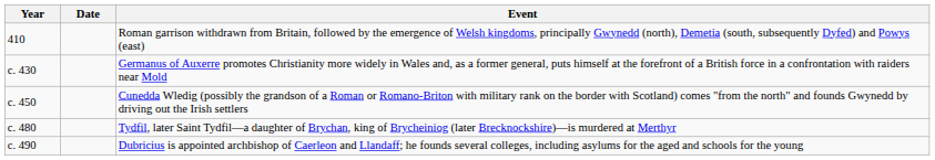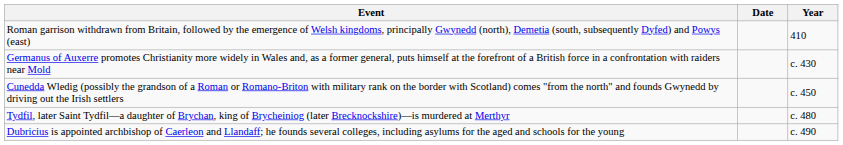 <table class="wikitable" width="100%">
 <tr>
+<th>Event</th>
+<th style="width:6%">Date</th>
 <th style="width:6%">Year</th>
-<th style="width:6%">Date</th>
-<th>Event</th>
 </tr>
 <tr>
+<td>Roman garrison withdrawn from Britain, followed by the emergence of <a href='#'>Welsh kingdoms</a>, principally <a href='#'>Gwynedd</a> (north), <a href='#'>Demetia</a> (south, subsequently <a href='#'>Dyfed</a>) and <a href='#'>Powys</a> (east)</td>
+<td></td>
 <td>410</td>
-<td></td>
-<td>Roman garrison withdrawn from Britain, followed by the emergence of <a href='#'>Welsh kingdoms</a>, principally <a href='#'>Gwynedd</a> (north), <a href='#'>Demetia</a> (south, subsequently <a href='#'>Dyfed</a>) and <a href='#'>Powys</a> (east)</td>
 </tr>
 <tr>
+<td><a href='#'>Germanus of Auxerre</a> promotes Christianity more widely in Wales and, as a former general, puts himself at the forefront of a British force in a confrontation with raiders near <a href='#'>Mold</a></td>
+<td></td>
 <td>c. 430</td>
-<td></td>
-<td><a href='#'>Germanus of Auxerre</a> promotes Christianity more widely in Wales and, as a former general, puts himself at the forefront of a British force in a confrontation with raiders near <a href='#'>Mold</a></td>
 </tr>
 <tr>
+<td><a href='#'>Cunedda</a> Wledig (possibly the grandson of a <a href='#'>Roman</a> or <a href='#'>Romano-Briton</a> with military rank on the border with Scotland) comes "from the north" and founds Gwynedd by driving out the Irish settlers</td>
+<td></td>
 <td>c. 450</td>
-<td></td>
-<td><a href='#'>Cunedda</a> Wledig (possibly the grandson of a <a href='#'>Roman</a> or <a href='#'>Romano-Briton</a> with military rank on the border with Scotland) comes "from the north" and founds Gwynedd by driving out the Irish settlers</td>
 </tr>
 <tr>
+<td><a href='#'>Tydfil</a>, later Saint Tydfil—a daughter of <a href='#'>Brychan</a>, king of <a href='#'>Brycheiniog</a> (later <a href='#'>Brecknockshire</a>)—is murdered at <a href='#'>Merthyr</a></td>
+<td></td>
 <td>c. 480</td>
-<td></td>
-<td><a href='#'>Tydfil</a>, later Saint Tydfil—a daughter of <a href='#'>Brychan</a>, king of <a href='#'>Brycheiniog</a> (later <a href='#'>Brecknockshire</a>)—is murdered at <a href='#'>Merthyr</a></td>
 </tr>
 <tr>
+<td><a href='#'>Dubricius</a> is appointed archbishop of <a href='#'>Caerleon</a> and <a href='#'>Llandaff</a>; he founds several colleges, including asylums for the aged and schools for the young</td>
+<td></td>
 <td>c. 490</td>
-<td></td>
-<td><a href='#'>Dubricius</a> is appointed archbishop of <a href='#'>Caerleon</a> and <a href='#'>Llandaff</a>; he founds several colleges, including asylums for the aged and schools for the young</td>
 </tr>
 </table>
